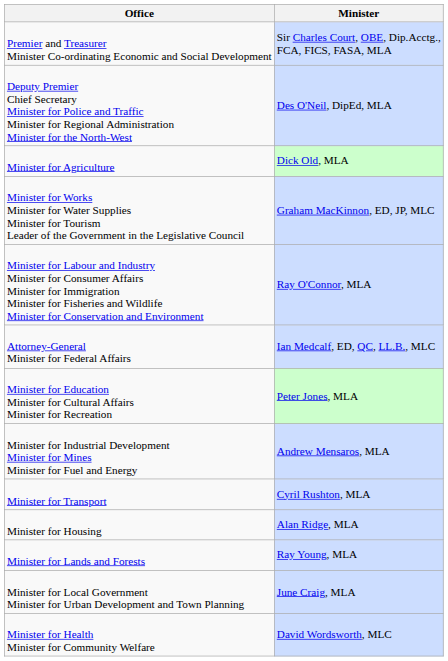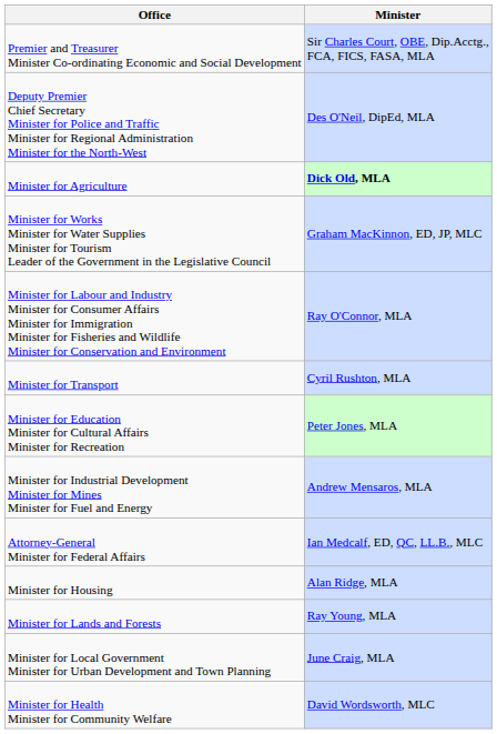 <table class="wikitable">
 <tr>
 <th>Office</th>
 <th>Minister</th>
 </tr>
 <tr>
 <td><br><a href='#'>Premier</a> and <a href='#'>Treasurer</a><br> Minister Co-ordinating Economic and Social Development<br></td>
 <td style="background:#CCDDFF">Sir <a href='#'>Charles Court</a>, <a href='#'>OBE</a>, Dip.Acctg.,<br>FCA, FICS, FASA, MLA</td>
 </tr>
 <tr>
 <td><br><a href='#'>Deputy Premier</a><br> Chief Secretary<br> <a href='#'>Minister for Police and Traffic</a><br> Minister for Regional Administration<br> <a href='#'>Minister for the North-West</a><br></td>
 <td style="background:#CCDDFF"><a href='#'>Des O'Neil</a>, DipEd, MLA</td>
 </tr>
 <tr>
 <td><br><a href='#'>Minister for Agriculture</a><br></td>
-<td style="background:#CCFFCC"><a href='#'>Dick Old</a>, MLA</td>
+<td style="background:#CCFFCC"><strong><a href='#'>Dick Old</a>, MLA</strong></td>
 </tr>
 <tr>
 <td><br><a href='#'>Minister for Works</a><br> Minister for Water Supplies<br> Minister for Tourism<br> Leader of the Government in the Legislative Council<br></td>
 <td style="background:#CCDDFF"><a href='#'>Graham MacKinnon</a>, ED, JP, MLC</td>
 </tr>
 <tr>
 <td><br><a href='#'>Minister for Labour and Industry</a><br> Minister for Consumer Affairs<br> Minister for Immigration<br> Minister for Fisheries and Wildlife<br> <a href='#'>Minister for Conservation and Environment</a><br></td>
 <td style="background:#CCDDFF"><a href='#'>Ray O'Connor</a>, MLA</td>
 </tr>
 <tr>
-<td><br><a href='#'>Attorney-General</a><br> Minister for Federal Affairs</td>
-<td style="background:#CCDDFF"><a href='#'>Ian Medcalf</a>, ED, <a href='#'>QC</a>, <a href='#'>LL.B.</a>, MLC</td>
+<td><br><a href='#'>Minister for Transport</a><br></td>
+<td style="background:#CCDDFF"><a href='#'>Cyril Rushton</a>, MLA</td>
 </tr>
 <tr>
 <td><br><a href='#'>Minister for Education</a><br> Minister for Cultural Affairs<br> Minister for Recreation<br></td>
 <td style="background:#CCFFCC"><a href='#'>Peter Jones</a>, MLA</td>
 </tr>
 <tr>
 <td><br>Minister for Industrial Development<br> <a href='#'>Minister for Mines</a><br> Minister for Fuel and Energy</td>
 <td style="background:#CCDDFF"><a href='#'>Andrew Mensaros</a>, MLA</td>
 </tr>
 <tr>
-<td><br><a href='#'>Minister for Transport</a><br></td>
-<td style="background:#CCDDFF"><a href='#'>Cyril Rushton</a>, MLA</td>
+<td><br><a href='#'>Attorney-General</a><br> Minister for Federal Affairs</td>
+<td style="background:#CCDDFF"><a href='#'>Ian Medcalf</a>, ED, <a href='#'>QC</a>, <a href='#'>LL.B.</a>, MLC</td>
 </tr>
 <tr>
 <td><br>Minister for Housing<br></td>
 <td style="background:#CCDDFF"><a href='#'>Alan Ridge</a>, MLA</td>
 </tr>
 <tr>
 <td><br><a href='#'>Minister for Lands and Forests</a><br></td>
 <td style="background:#CCDDFF"><a href='#'>Ray Young</a>, MLA</td>
 </tr>
 <tr>
 <td><br>Minister for Local Government<br> Minister for Urban Development and Town Planning<br></td>
 <td style="background:#CCDDFF"><a href='#'>June Craig</a>, MLA</td>
 </tr>
 <tr>
 <td><br><a href='#'>Minister for Health</a><br> Minister for Community Welfare<br></td>
 <td style="background:#CCDDFF"><a href='#'>David Wordsworth</a>, MLC</td>
 </tr>
 </table>
